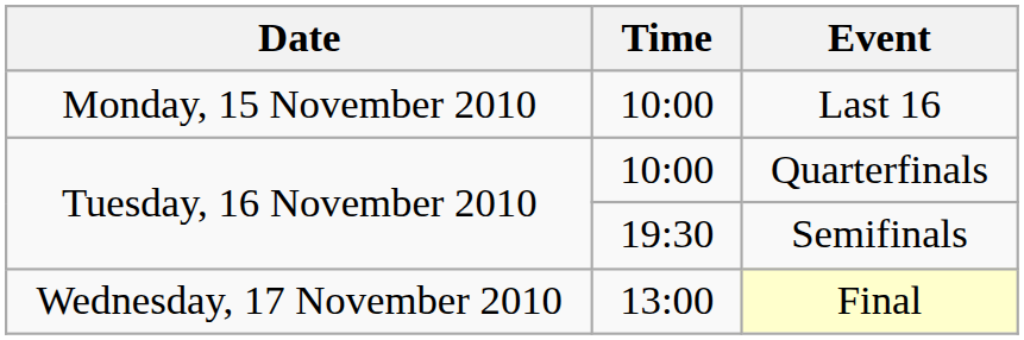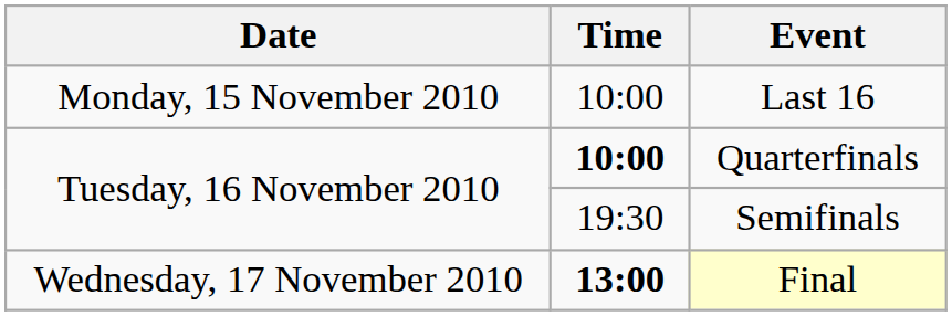 <table class = "wikitable" style="text-align:center;">
 <tr>
 <th width=220>Date</th>
 <th width=50>Time</th>
 <th width=100>Event</th>
 </tr>
 <tr>
 <td>Monday, 15 November 2010</td>
 <td>10:00</td>
 <td>Last 16</td>
 </tr>
 <tr>
 <td rowspan=2>Tuesday, 16 November 2010</td>
-<td>10:00</td>
+<td><strong>10:00</strong></td>
 <td>Quarterfinals</td>
 </tr>
 <tr>
 <td>19:30</td>
 <td>Semifinals</td>
 </tr>
 <tr>
 <td>Wednesday, 17 November 2010</td>
-<td>13:00</td>
+<td><strong>13:00</strong></td>
 <td bgcolor=ffffcc>Final</td>
 </tr>
 </table>
